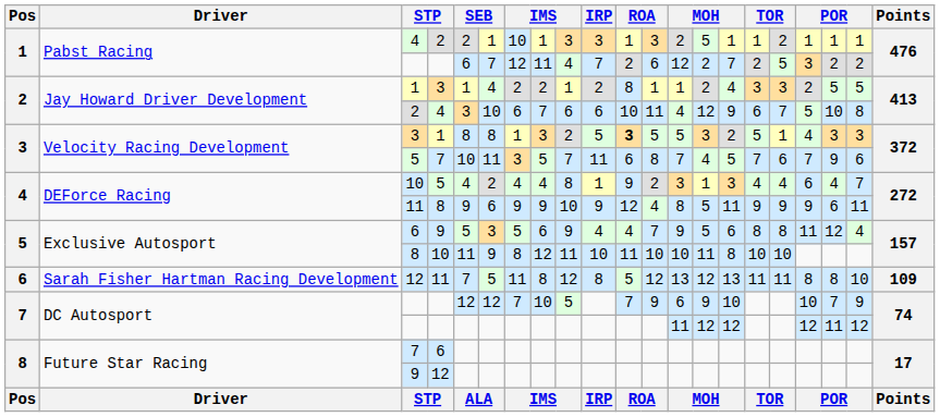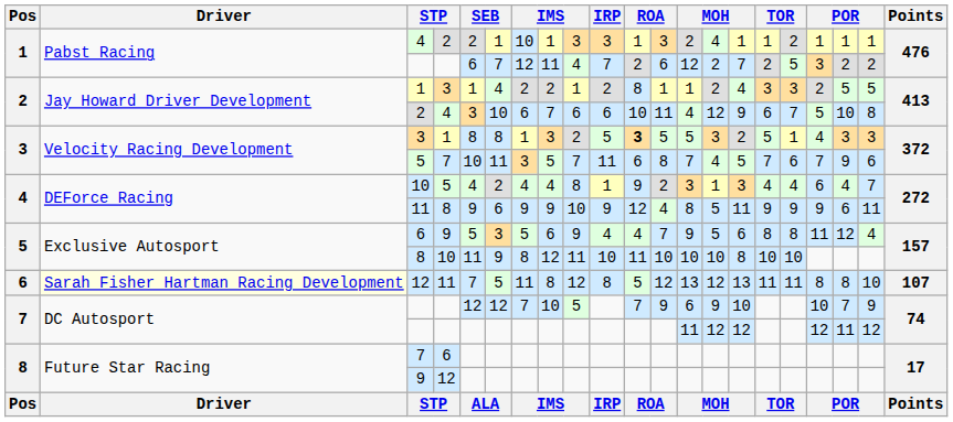 <table class="wikitable" style="font-size:85%; text-align:center">
 <tr valign="top">
 <th valign="middle">Pos</th>
 <th valign="middle">Driver</th>
 <th colspan="2"><a href='#'>STP</a></th>
 <th colspan="2"><a href='#'>SEB</a></th>
 <th colspan="3"><a href='#'>IMS</a></th>
 <th><a href='#'>IRP</a></th>
 <th colspan="2"><a href='#'>ROA</a></th>
 <th colspan="3"><a href='#'>MOH</a></th>
 <th colspan="2"><a href='#'>TOR</a></th>
 <th colspan="3"><a href='#'>POR</a></th>
 <th valign="middle">Points</th>
 </tr>
 <tr>
 <th rowspan="2">1</th>
 <td rowspan="2" align="left"><a href='#'>Pabst Racing</a></td>
 <td style="background:#DFFFDF;">4</td>
 <td style="background:#DFDFDF;">2</td>
 <td style="background:#DFDFDF;">2</td>
 <td style="background:#FFFFBF;">1</td>
 <td style="background:#CFEAFF;">10</td>
 <td style="background:#FFFFBF;">1</td>
 <td style="background:#FFDF9F;">3</td>
 <td style="background:#FFDF9F;">3</td>
 <td style="background:#FFFFBF;">1</td>
 <td style="background:#FFDF9F;">3</td>
 <td style="background:#DFDFDF;">2</td>
-<td style="background:#DFFFDF;">5</td>
+<td style="background:#DFFFDF;">4</td>
 <td style="background:#FFFFBF;">1</td>
 <td style="background:#FFFFBF;">1</td>
 <td style="background:#DFDFDF;">2</td>
 <td style="background:#FFFFBF;">1</td>
 <td style="background:#FFFFBF;">1</td>
 <td style="background:#FFFFBF;">1</td>
 <th rowspan="2">476</th>
 </tr>
 <tr>
 <td></td>
 <td></td>
 <td style="background:#CFEAFF;">6</td>
 <td style="background:#CFEAFF;">7</td>
 <td style="background:#CFEAFF;">12</td>
 <td style="background:#CFEAFF;">11</td>
 <td style="background:#DFFFDF;">4</td>
 <td style="background:#CFEAFF;">7</td>
 <td style="background:#DFDFDF;">2</td>
 <td style="background:#CFEAFF;">6</td>
 <td style="background:#CFEAFF;">12</td>
 <td style="background:#CFEAFF;">2</td>
 <td style="background:#CFEAFF;">7</td>
 <td style="background:#DFDFDF;">2</td>
 <td style="background:#DFFFDF;">5</td>
 <td style="background:#FFDF9F;">3</td>
 <td style="background:#DFDFDF;">2</td>
 <td style="background:#DFDFDF;">2</td>
 </tr>
 <tr>
 <th rowspan="2">2</th>
 <td rowspan="2" align="left"><a href='#'>Jay Howard Driver Development</a></td>
 <td style="background:#FFFFBF;">1</td>
 <td style="background:#FFDF9F;">3</td>
 <td style="background:#FFFFBF;">1</td>
 <td style="background:#DFFFDF;">4</td>
 <td style="background:#DFDFDF;">2</td>
 <td style="background:#DFDFDF;">2</td>
 <td style="background:#FFFFBF;">1</td>
 <td style="background:#DFDFDF;">2</td>
 <td style="background:#CFEAFF;">8</td>
 <td style="background:#FFFFBF;">1</td>
 <td style="background:#FFFFBF;">1</td>
 <td style="background:#DFDFDF;">2</td>
 <td style="background:#DFFFDF;">4</td>
 <td style="background:#FFDF9F;">3</td>
 <td style="background:#FFDF9F;">3</td>
 <td style="background:#DFDFDF;">2</td>
 <td style="background:#DFFFDF;">5</td>
 <td style="background:#DFFFDF;">5</td>
 <th rowspan="2">413</th>
 </tr>
 <tr>
 <td style="background:#DFDFDF;">2</td>
 <td style="background:#DFFFDF;">4</td>
 <td style="background:#FFDF9F;">3</td>
 <td style="background:#CFEAFF;">10</td>
 <td style="background:#CFEAFF;">6</td>
 <td style="background:#CFEAFF;">7</td>
 <td style="background:#CFEAFF;">6</td>
 <td style="background:#CFEAFF;">6</td>
 <td style="background:#CFEAFF;">10</td>
 <td style="background:#CFEAFF;">11</td>
 <td style="background:#DFFFDF;">4</td>
 <td style="background:#CFEAFF;">12</td>
 <td style="background:#CFEAFF;">9</td>
 <td style="background:#CFEAFF;">6</td>
 <td style="background:#CFEAFF;">7</td>
 <td style="background:#DFFFDF;">5</td>
 <td style="background:#CFEAFF;">10</td>
 <td style="background:#CFEAFF;">8</td>
 </tr>
 <tr>
 <th rowspan="2">3</th>
 <td rowspan="2" align="left"><a href='#'>Velocity Racing Development</a></td>
 <td style="background:#FFDF9F;">3</td>
 <td style="background:#FFFFBF;">1</td>
 <td style="background:#CFEAFF;">8</td>
 <td style="background:#CFEAFF;">8</td>
 <td style="background:#FFFFBF;">1</td>
 <td style="background:#FFDF9F;">3</td>
 <td style="background:#DFDFDF;">2</td>
 <td style="background:#DFFFDF;">5</td>
 <td style="background:#FFDF9F;"><strong>3</strong></td>
 <td style="background:#DFFFDF;">5</td>
 <td style="background:#DFFFDF;">5</td>
 <td style="background:#FFDF9F;">3</td>
 <td style="background:#DFDFDF;">2</td>
 <td style="background:#DFFFDF;">5</td>
 <td style="background:#FFFFBF;">1</td>
 <td style="background:#DFFFDF;">4</td>
 <td style="background:#FFDF9F;">3</td>
 <td style="background:#FFDF9F;">3</td>
 <th rowspan="2">372</th>
 </tr>
 <tr>
 <td style="background:#DFFFDF;">5</td>
 <td style="background:#CFEAFF;">7</td>
 <td style="background:#CFEAFF;">10</td>
 <td style="background:#CFEAFF;">11</td>
 <td style="background:#FFDF9F;">3</td>
 <td style="background:#DFFFDF;">5</td>
 <td style="background:#CFEAFF;">7</td>
 <td style="background:#CFEAFF;">11</td>
 <td style="background:#CFEAFF;">6</td>
 <td style="background:#CFEAFF;">8</td>
 <td style="background:#CFEAFF;">7</td>
 <td style="background:#DFFFDF;">4</td>
 <td style="background:#DFFFDF;">5</td>
 <td style="background:#CFEAFF;">7</td>
 <td style="background:#CFEAFF;">6</td>
 <td style="background:#CFEAFF;">7</td>
 <td style="background:#CFEAFF;">9</td>
 <td style="background:#CFEAFF;">6</td>
 </tr>
 <tr>
 <th rowspan="2">4</th>
 <td rowspan="2" align="left"><a href='#'>DEForce Racing</a></td>
 <td style="background:#CFEAFF;">10</td>
 <td style="background:#DFFFDF;">5</td>
 <td style="background:#DFFFDF;">4</td>
 <td style="background:#DFDFDF;">2</td>
 <td style="background:#DFFFDF;">4</td>
 <td style="background:#DFFFDF;">4</td>
 <td style="background:#CFEAFF;">8</td>
 <td style="background:#FFFFBF;">1</td>
 <td style="background:#CFEAFF;">9</td>
 <td style="background:#DFDFDF;">2</td>
 <td style="background:#FFDF9F;">3</td>
 <td style="background:#FFFFBF;">1</td>
 <td style="background:#FFDF9F;">3</td>
 <td style="background:#DFFFDF;">4</td>
 <td style="background:#DFFFDF;">4</td>
 <td style="background:#CFEAFF;">6</td>
 <td style="background:#DFFFDF;">4</td>
 <td style="background:#CFEAFF;">7</td>
 <th rowspan="2">272</th>
 </tr>
 <tr>
 <td style="background:#CFEAFF;">11</td>
 <td style="background:#CFEAFF;">8</td>
 <td style="background:#CFEAFF;">9</td>
 <td style="background:#CFEAFF;">6</td>
 <td style="background:#CFEAFF;">9</td>
 <td style="background:#CFEAFF;">9</td>
 <td style="background:#CFEAFF;">10</td>
 <td style="background:#CFEAFF;">9</td>
 <td style="background:#CFEAFF;">12</td>
 <td style="background:#DFFFDF;">4</td>
 <td style="background:#CFEAFF;">8</td>
 <td style="background:#CFEAFF;">5</td>
 <td style="background:#CFEAFF;">11</td>
 <td style="background:#CFEAFF;">9</td>
 <td style="background:#CFEAFF;">9</td>
 <td style="background:#CFEAFF;">9</td>
 <td style="background:#CFEAFF;">6</td>
 <td style="background:#CFEAFF;">11</td>
 </tr>
 <tr>
 <th rowspan="2">5</th>
 <td rowspan="2" align="left">Exclusive Autosport</td>
 <td style="background:#CFEAFF;">6</td>
 <td style="background:#CFEAFF;">9</td>
 <td style="background:#DFFFDF;">5</td>
 <td style="background:#FFDF9F;">3</td>
 <td style="background:#DFFFDF;">5</td>
 <td style="background:#CFEAFF;">6</td>
 <td style="background:#CFEAFF;">9</td>
 <td style="background:#DFFFDF;">4</td>
 <td style="background:#DFFFDF;">4</td>
 <td style="background:#CFEAFF;">7</td>
 <td style="background:#CFEAFF;">9</td>
 <td style="background:#CFEAFF;">5</td>
 <td style="background:#CFEAFF;">6</td>
 <td style="background:#CFEAFF;">8</td>
 <td style="background:#CFEAFF;">8</td>
 <td style="background:#CFEAFF;">11</td>
 <td style="background:#CFEAFF;">12</td>
 <td style="background:#DFFFDF;">4</td>
 <th rowspan="2">157</th>
 </tr>
 <tr>
 <td style="background:#CFEAFF;">8</td>
 <td style="background:#CFEAFF;">10</td>
 <td style="background:#CFEAFF;">11</td>
 <td style="background:#CFEAFF;">9</td>
 <td style="background:#CFEAFF;">8</td>
 <td style="background:#CFEAFF;">12</td>
 <td style="background:#CFEAFF;">11</td>
 <td style="background:#CFEAFF;">10</td>
 <td style="background:#CFEAFF;">11</td>
 <td style="background:#CFEAFF;">10</td>
 <td style="background:#CFEAFF;">10</td>
-<td style="background:#CFEAFF;">11</td>
+<td style="background:#CFEAFF;">10</td>
 <td style="background:#CFEAFF;">8</td>
 <td style="background:#CFEAFF;">10</td>
 <td style="background:#CFEAFF;">10</td>
 <td></td>
 <td></td>
 <td></td>
 </tr>
 <tr>
 <th>6</th>
-<td align="left"><a href='#'>Sarah Fisher Hartman Racing Development</a></td>
+<td align="left" style="background: lightyellow;"><a href='#'>Sarah Fisher Hartman Racing Development</a></td>
 <td style="background:#CFEAFF;">12</td>
 <td style="background:#CFEAFF;">11</td>
 <td style="background:#CFEAFF;">7</td>
 <td style="background:#DFFFDF;">5</td>
 <td style="background:#CFEAFF;">11</td>
 <td style="background:#CFEAFF;">8</td>
 <td style="background:#CFEAFF;">12</td>
 <td style="background:#CFEAFF;">8</td>
 <td style="background:#DFFFDF;">5</td>
 <td style="background:#CFEAFF;">12</td>
 <td style="background:#CFEAFF;">13</td>
 <td style="background:#CFEAFF;">12</td>
 <td style="background:#CFEAFF;">13</td>
 <td style="background:#CFEAFF;">11</td>
 <td style="background:#CFEAFF;">11</td>
 <td style="background:#CFEAFF;">8</td>
 <td style="background:#CFEAFF;">8</td>
 <td style="background:#CFEAFF;">10</td>
-<th>109</th>
+<th>107</th>
 </tr>
 <tr>
 <th rowspan="2">7</th>
 <td rowspan="2" align="left">DC Autosport</td>
 <td></td>
 <td></td>
 <td style="background:#CFEAFF;">12</td>
 <td style="background:#CFEAFF;">12</td>
 <td style="background:#CFEAFF;">7</td>
 <td style="background:#CFEAFF;">10</td>
 <td style="background:#DFFFDF;">5</td>
 <td></td>
 <td style="background:#CFEAFF;">7</td>
 <td style="background:#CFEAFF;">9</td>
 <td style="background:#CFEAFF;">6</td>
 <td style="background:#CFEAFF;">9</td>
 <td style="background:#CFEAFF;">10</td>
 <td></td>
 <td></td>
 <td style="background:#CFEAFF;">10</td>
 <td style="background:#CFEAFF;">7</td>
 <td style="background:#CFEAFF;">9</td>
 <th rowspan="2">74</th>
 </tr>
 <tr>
 <td></td>
 <td></td>
 <td></td>
 <td></td>
 <td></td>
 <td></td>
 <td></td>
 <td></td>
 <td></td>
 <td></td>
 <td style="background:#CFEAFF;">11</td>
 <td style="background:#CFEAFF;">12</td>
 <td style="background:#CFEAFF;">12</td>
 <td></td>
 <td></td>
 <td style="background:#CFEAFF;">12</td>
 <td style="background:#CFEAFF;">11</td>
 <td style="background:#CFEAFF;">12</td>
 </tr>
 <tr>
 <th rowspan="2">8</th>
 <td rowspan="2" align="left">Future Star Racing</td>
 <td style="background:#CFEAFF;">7</td>
 <td style="background:#CFEAFF;">6</td>
 <td></td>
 <td></td>
 <td></td>
 <td></td>
 <td></td>
 <td></td>
 <td></td>
 <td></td>
 <td></td>
 <td></td>
 <td></td>
 <td></td>
 <td></td>
 <td></td>
 <td></td>
 <td></td>
 <th rowspan="2">17</th>
 </tr>
 <tr>
 <td style="background:#CFEAFF;">9</td>
 <td style="background:#CFEAFF;">12</td>
 <td></td>
 <td></td>
 <td></td>
 <td></td>
 <td></td>
 <td></td>
 <td></td>
 <td></td>
 <td></td>
 <td></td>
 <td></td>
 <td></td>
 <td></td>
 <td></td>
 <td></td>
 <td></td>
 </tr>
 <tr>
 <th valign="middle">Pos</th>
 <th valign="middle">Driver</th>
 <th colspan="2"><a href='#'>STP</a></th>
 <th colspan="2"><a href='#'>ALA</a></th>
 <th colspan="3"><a href='#'>IMS</a></th>
 <th><a href='#'>IRP</a></th>
 <th colspan="2"><a href='#'>ROA</a></th>
 <th colspan="3"><a href='#'>MOH</a></th>
 <th colspan="2"><a href='#'>TOR</a></th>
 <th colspan="3"><a href='#'>POR</a></th>
 <th valign="middle">Points</th>
 </tr>
 </table>
